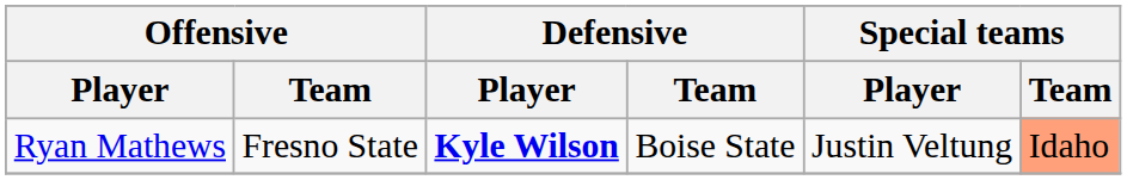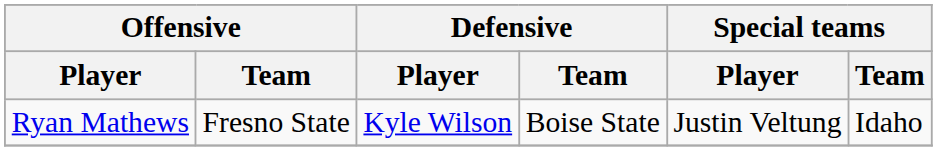 <table class="wikitable" border="1">
 <tr>
 <th colspan="2">Offensive</th>
 <th colspan="2">Defensive</th>
 <th colspan="2">Special teams</th>
 </tr>
 <tr>
 <th>Player</th>
 <th>Team</th>
 <th>Player</th>
 <th>Team</th>
 <th>Player</th>
 <th>Team</th>
 </tr>
 <tr>
 <td><a href='#'>Ryan Mathews</a></td>
 <td>Fresno State</td>
-<td><strong><a href='#'>Kyle Wilson</a></strong></td>
+<td><a href='#'>Kyle Wilson</a></td>
 <td>Boise State</td>
 <td>Justin Veltung</td>
-<td style="background: lightsalmon;">Idaho</td>
+<td>Idaho</td>
 </tr>
 <tr>
 </tr>
 </table>
